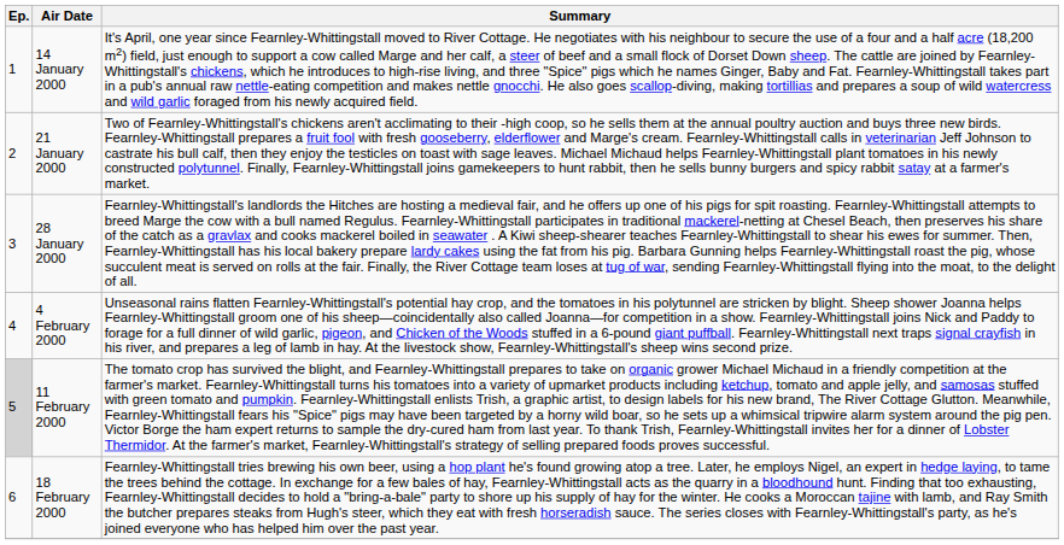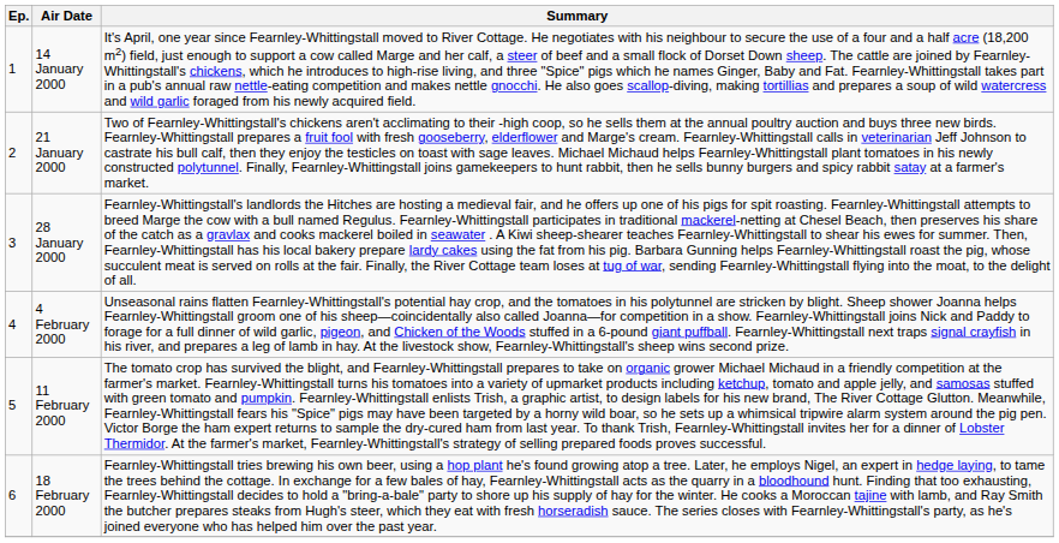 <table class="wikitable">
 <tr>
 <th>Ep.</th>
 <th>Air Date</th>
 <th>Summary</th>
 </tr>
 <tr>
 <td>1</td>
 <td>14 January 2000</td>
 <td>It's April, one year since Fearnley-Whittingstall moved to River Cottage. He negotiates with his neighbour to secure the use of a four and a half <a href='#'>acre</a> (18,200 m<sup>2</sup>) field, just enough to support a cow called Marge and her calf, a <a href='#'>steer</a> of beef and a small flock of Dorset Down <a href='#'>sheep</a>. The cattle are joined by Fearnley-Whittingstall's <a href='#'>chickens</a>, which he introduces to high-rise living, and three "Spice" pigs which he names Ginger, Baby and Fat. Fearnley-Whittingstall takes part in a pub's annual raw <a href='#'>nettle</a>-eating competition and makes nettle <a href='#'>gnocchi</a>. He also goes <a href='#'>scallop</a>-diving, making <a href='#'>tortillias</a> and prepares a soup of wild <a href='#'>watercress</a> and <a href='#'>wild garlic</a> foraged from his newly acquired field.</td>
 </tr>
 <tr>
 <td>2</td>
 <td>21 January 2000</td>
 <td>Two of Fearnley-Whittingstall's chickens aren't acclimating to their -high coop, so he sells them at the annual poultry auction and buys three new birds. Fearnley-Whittingstall prepares a <a href='#'>fruit fool</a> with fresh <a href='#'>gooseberry</a>, <a href='#'>elderflower</a> and Marge's cream. Fearnley-Whittingstall calls in <a href='#'>veterinarian</a> Jeff Johnson to castrate his bull calf, then they enjoy the testicles on toast with sage leaves. Michael Michaud helps Fearnley-Whittingstall plant tomatoes in his newly constructed <a href='#'>polytunnel</a>. Finally, Fearnley-Whittingstall joins gamekeepers to hunt rabbit, then he sells bunny burgers and spicy rabbit <a href='#'>satay</a> at a farmer's market.</td>
 </tr>
 <tr>
 <td>3</td>
 <td>28 January 2000</td>
 <td>Fearnley-Whittingstall's landlords the Hitches are hosting a medieval fair, and he offers up one of his pigs for spit roasting. Fearnley-Whittingstall attempts to breed Marge the cow with a bull named Regulus. Fearnley-Whittingstall participates in traditional <a href='#'>mackerel</a>-netting at Chesel Beach, then preserves his share of the catch as a <a href='#'>gravlax</a> and cooks mackerel boiled in <a href='#'>seawater</a> . A Kiwi sheep-shearer teaches Fearnley-Whittingstall to shear his ewes for summer. Then, Fearnley-Whittingstall has his local bakery prepare <a href='#'>lardy cakes</a> using the fat from his pig. Barbara Gunning helps Fearnley-Whittingstall roast the pig, whose succulent meat is served on rolls at the fair. Finally, the River Cottage team loses at <a href='#'>tug of war</a>, sending Fearnley-Whittingstall flying into the moat, to the delight of all.</td>
 </tr>
 <tr>
 <td>4</td>
 <td>4 February 2000</td>
 <td>Unseasonal rains flatten Fearnley-Whittingstall's potential hay crop, and the tomatoes in his polytunnel are stricken by blight. Sheep shower Joanna helps Fearnley-Whittingstall groom one of his sheep—coincidentally also called Joanna—for competition in a show. Fearnley-Whittingstall joins Nick and Paddy to forage for a full dinner of wild garlic, <a href='#'>pigeon</a>, and <a href='#'>Chicken of the Woods</a> stuffed in a 6-pound <a href='#'>giant puffball</a>. Fearnley-Whittingstall next traps <a href='#'>signal crayfish</a> in his river, and prepares a leg of lamb in hay. At the livestock show, Fearnley-Whittingstall's sheep wins second prize.</td>
 </tr>
 <tr>
-<td style="background: lightgrey;">5</td>
+<td>5</td>
 <td>11 February 2000</td>
 <td>The tomato crop has survived the blight, and Fearnley-Whittingstall prepares to take on <a href='#'>organic</a> grower Michael Michaud in a friendly competition at the farmer's market. Fearnley-Whittingstall turns his tomatoes into a variety of upmarket products including <a href='#'>ketchup</a>, tomato and apple jelly, and <a href='#'>samosas</a> stuffed with green tomato and <a href='#'>pumpkin</a>. Fearnley-Whittingstall enlists Trish, a graphic artist, to design labels for his new brand, The River Cottage Glutton. Meanwhile, Fearnley-Whittingstall fears his "Spice" pigs may have been targeted by a horny wild boar, so he sets up a whimsical tripwire alarm system around the pig pen. Victor Borge the ham expert returns to sample the dry-cured ham from last year. To thank Trish, Fearnley-Whittingstall invites her for a dinner of <a href='#'>Lobster Thermidor</a>. At the farmer's market, Fearnley-Whittingstall's strategy of selling prepared foods proves successful.</td>
 </tr>
 <tr>
 <td>6</td>
 <td>18 February 2000</td>
 <td>Fearnley-Whittingstall tries brewing his own beer, using a <a href='#'>hop plant</a> he's found growing atop a tree.  Later, he employs Nigel, an expert in <a href='#'>hedge laying</a>, to tame the trees behind the cottage. In exchange for a few bales of hay, Fearnley-Whittingstall acts as the quarry in a <a href='#'>bloodhound</a> hunt.  Finding that too exhausting, Fearnley-Whittingstall decides to hold a "bring-a-bale" party to shore up his supply of hay for the winter. He cooks a Moroccan <a href='#'>tajine</a> with lamb, and Ray Smith the butcher prepares steaks from Hugh's steer, which they eat with fresh <a href='#'>horseradish</a> sauce. The series closes with Fearnley-Whittingstall's party, as he's joined everyone who has helped him over the past year.</td>
 </tr>
 <tr>
 </tr>
 </table>
